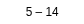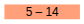 <table style="text-align:center">
 <tr>
 <th width=200></th>
 <th width=100></th>
 <th width=200></th>
 </tr>
 <tr>
 <td align=right></td>
-<td>5 – 14</td>
+<td style="background: lightsalmon;">5 – 14</td>
 <td align=left><strong></strong></td>
 </tr>
 </table>
